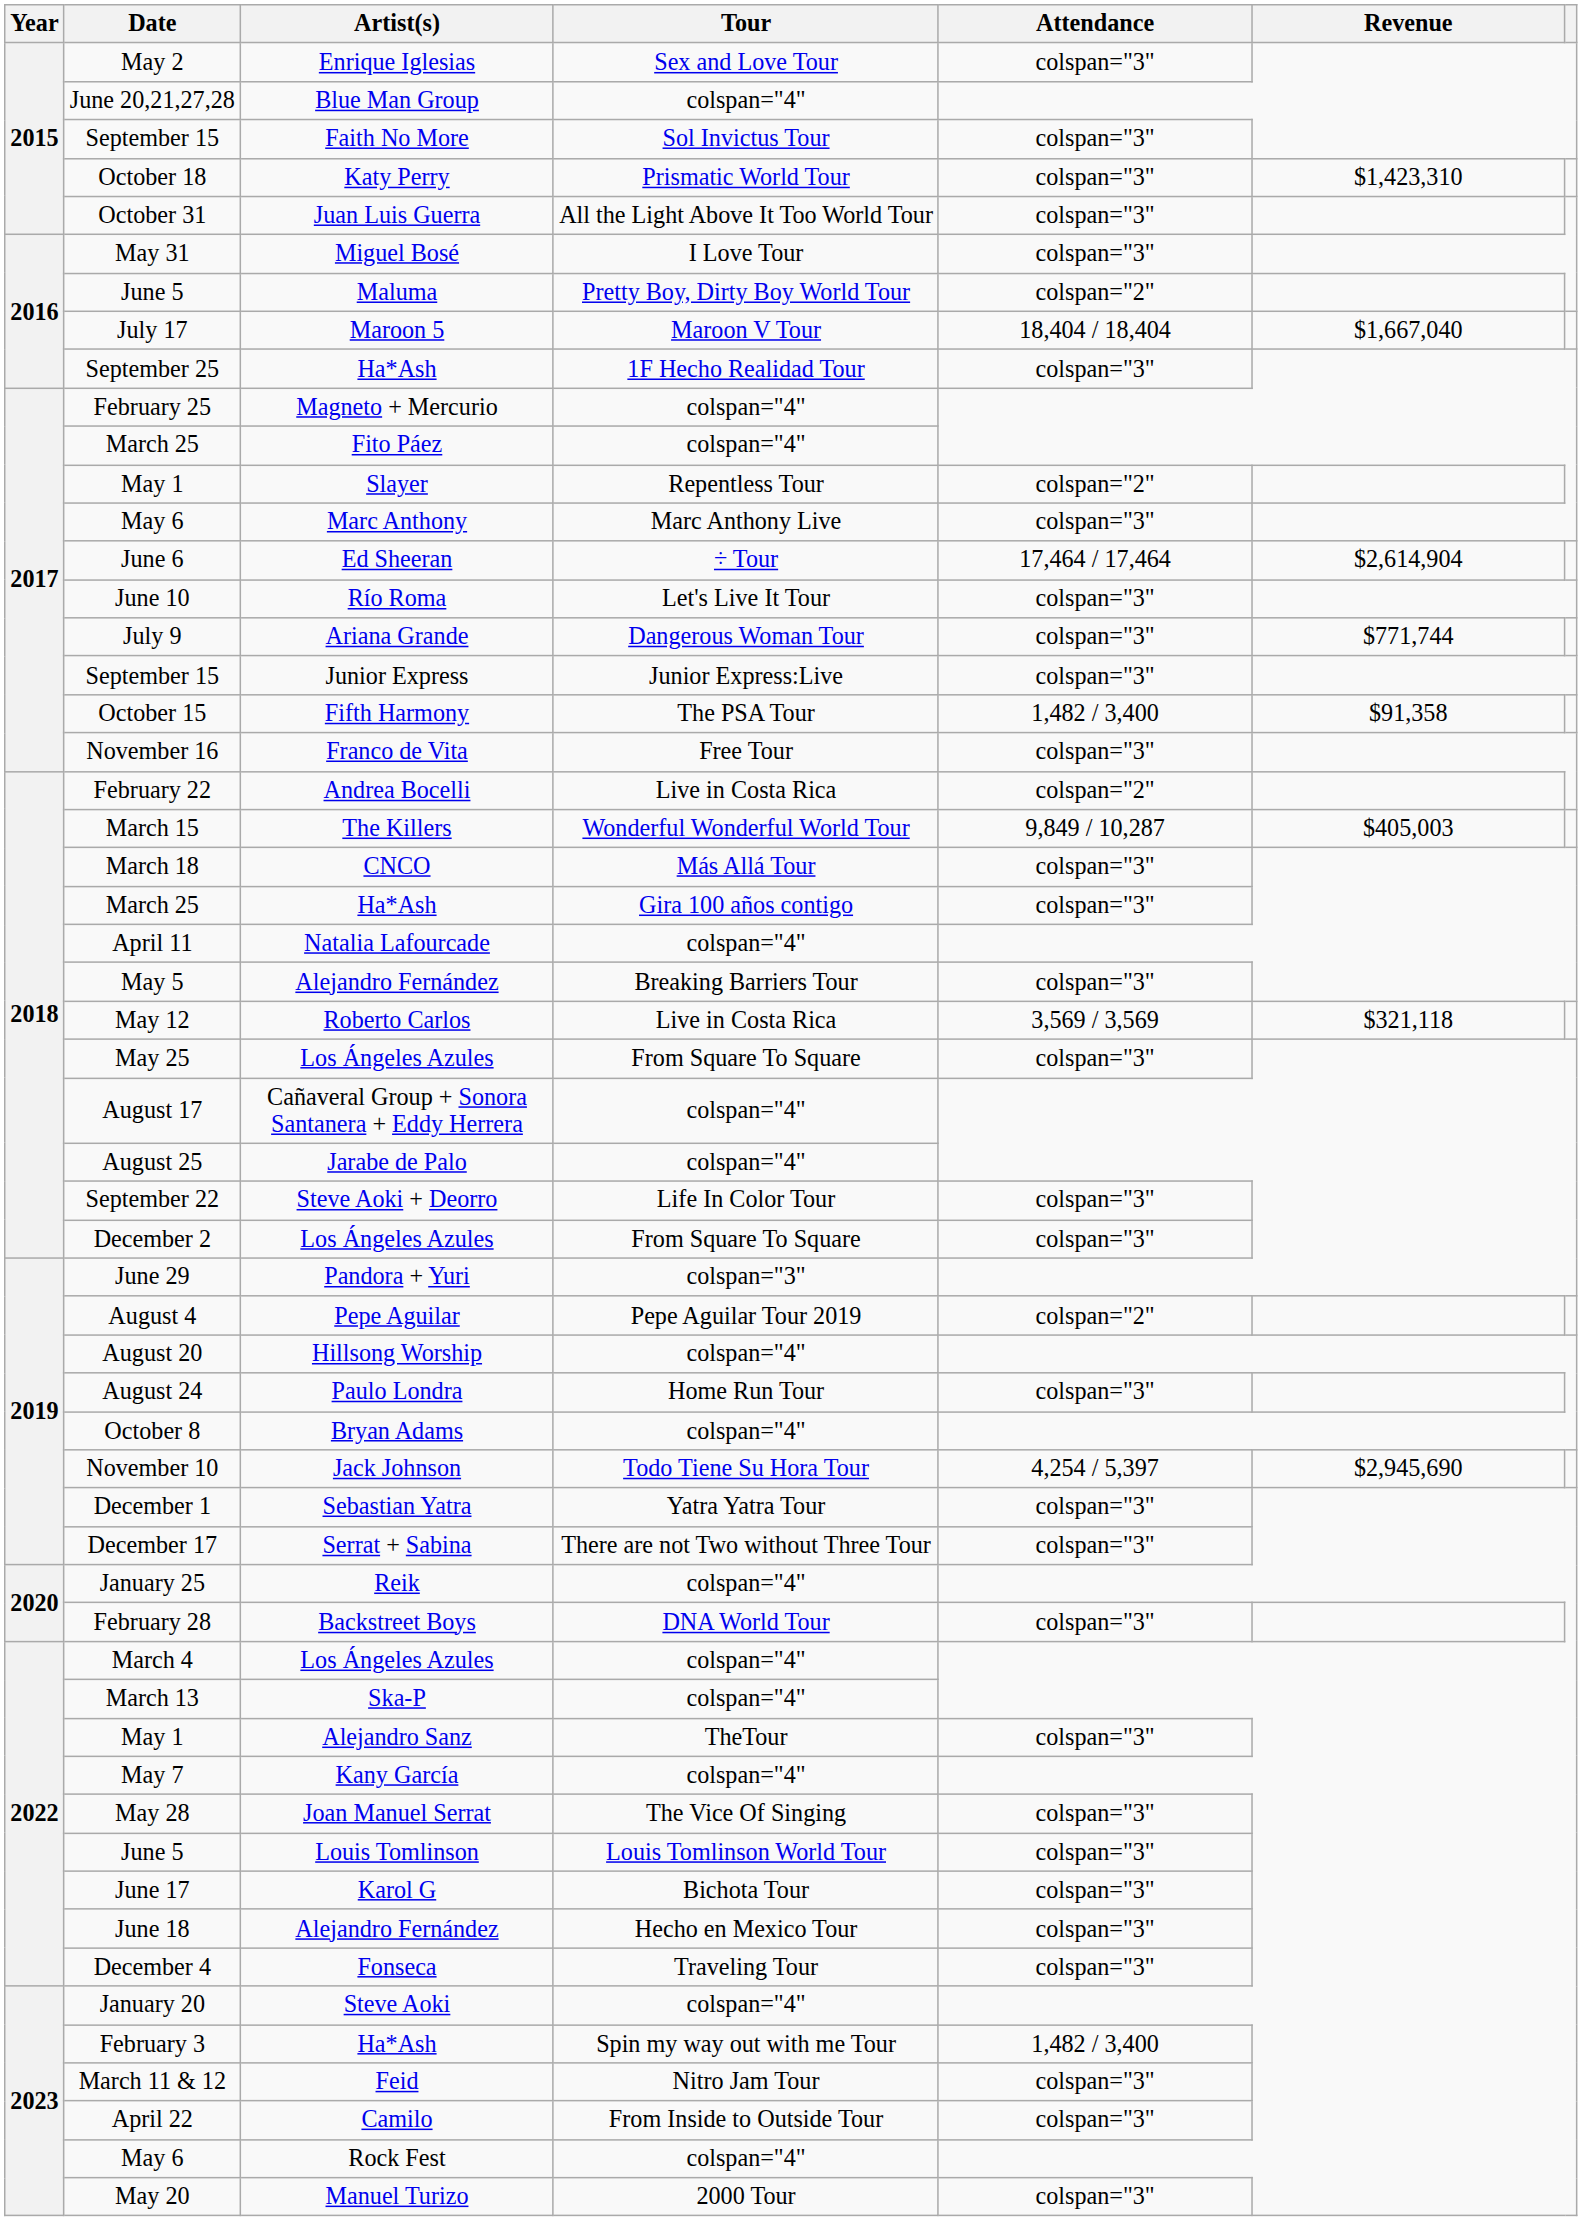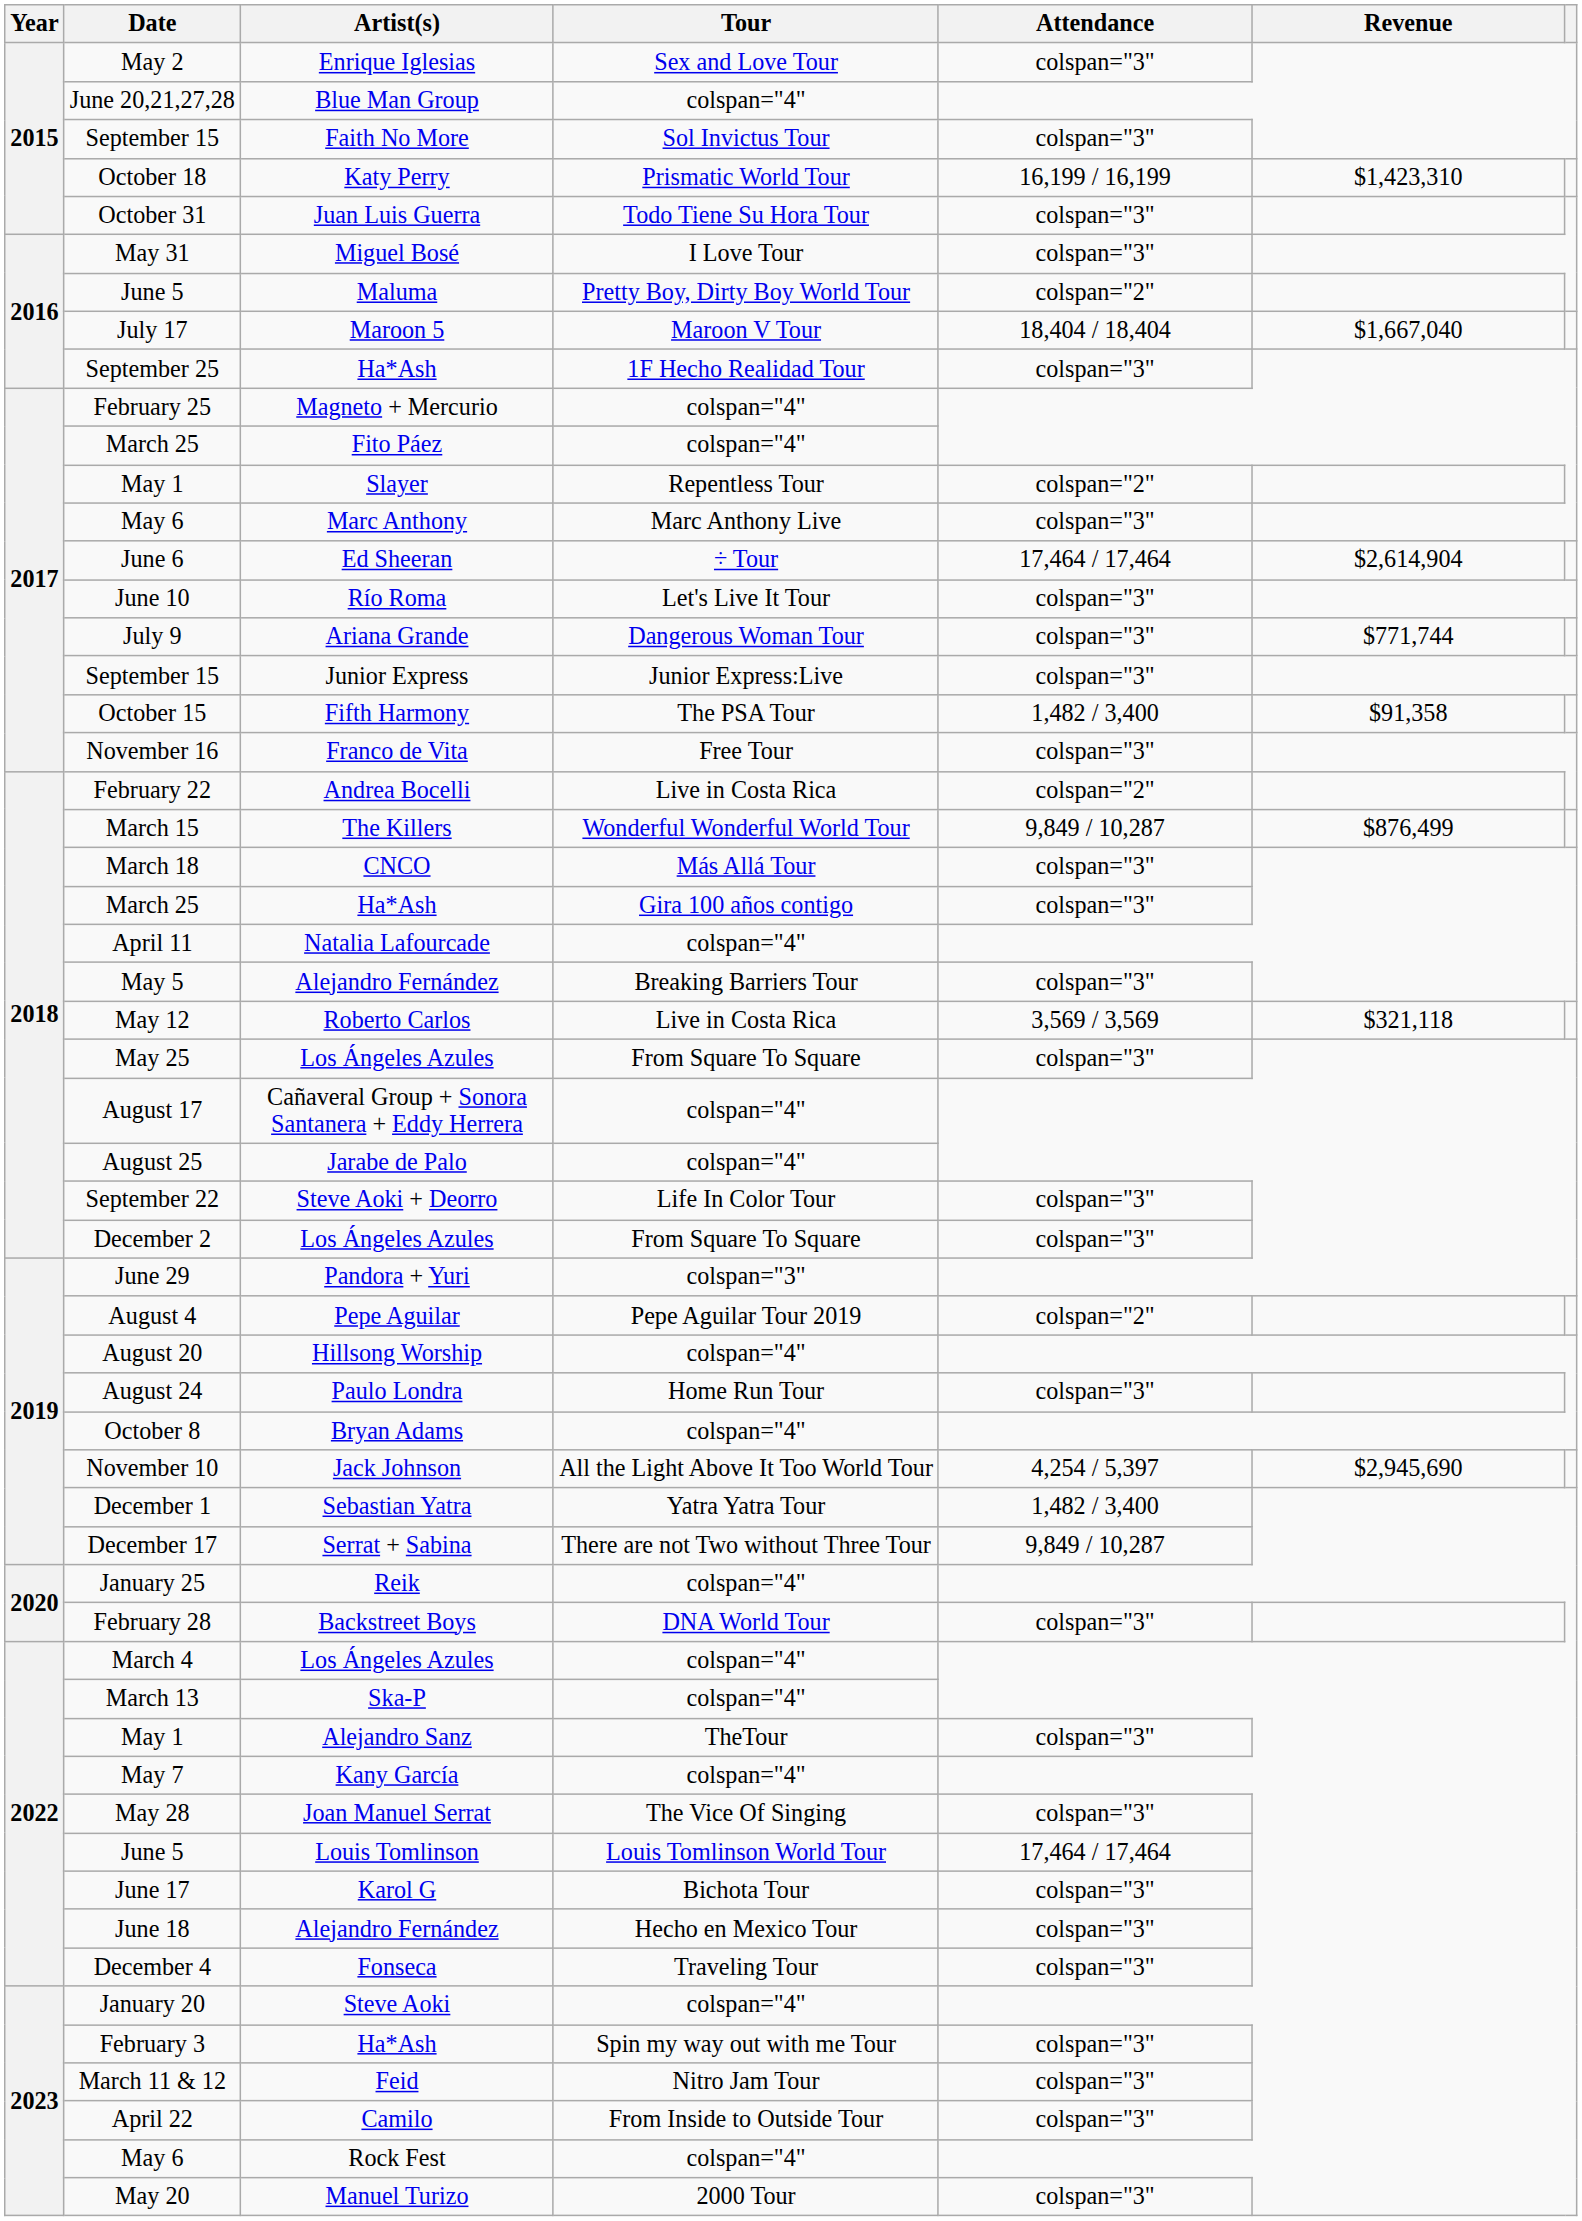 <table class="wikitable" style="text-align:center;">
 <tr>
 <th>Year</th>
 <th>Date</th>
 <th width="200">Artist(s)<br></th>
 <th>Tour</th>
 <th width="200">Attendance</th>
 <th width="200">Revenue</th>
 <th></th>
 </tr>
 <tr>
 <th rowspan="5">2015</th>
 <td>May 2</td>
 <td><a href='#'>Enrique Iglesias</a><br></td>
 <td><a href='#'>Sex and Love Tour</a></td>
 <td>colspan="3" </td>
 </tr>
 <tr>
 <td>June 20,21,27,28</td>
 <td><a href='#'>Blue Man Group</a></td>
 <td>colspan="4" </td>
 </tr>
 <tr>
 <td>September 15</td>
 <td><a href='#'>Faith No More</a></td>
 <td><a href='#'>Sol Invictus Tour</a></td>
 <td>colspan="3" </td>
 </tr>
 <tr>
 <td>October 18</td>
 <td><a href='#'>Katy Perry</a><br></td>
 <td><a href='#'>Prismatic World Tour</a></td>
-<td>colspan="3" </td>
+<td>16,199 / 16,199</td>
 <td>$1,423,310</td>
 <td></td>
 </tr>
 <tr>
 <td>October 31</td>
 <td><a href='#'>Juan Luis Guerra</a></td>
-<td>All the Light Above It Too World Tour</td>
+<td><a href='#'>Todo Tiene Su Hora Tour</a></td>
 <td>colspan="3" </td>
 <td></td>
 </tr>
 <tr>
 <th rowspan="4">2016</th>
 <td>May 31</td>
 <td><a href='#'>Miguel Bosé</a></td>
 <td>I Love Tour</td>
 <td>colspan="3" </td>
 </tr>
 <tr>
 <td>June 5</td>
 <td><a href='#'>Maluma</a></td>
 <td><a href='#'>Pretty Boy, Dirty Boy World Tour</a></td>
 <td>colspan="2" </td>
 <td></td>
 </tr>
 <tr>
 <td>July 17</td>
 <td><a href='#'>Maroon 5</a></td>
 <td><a href='#'>Maroon V Tour</a></td>
 <td>18,404 / 18,404</td>
 <td>$1,667,040</td>
 <td></td>
 </tr>
 <tr>
 <td>September 25</td>
 <td><a href='#'>Ha*Ash</a><br></td>
 <td><a href='#'>1F Hecho Realidad Tour</a></td>
 <td>colspan="3" </td>
 </tr>
 <tr>
 <th rowspan="10">2017</th>
 <td>February 25</td>
 <td><a href='#'>Magneto</a> + Mercurio</td>
 <td>colspan="4" </td>
 </tr>
 <tr>
 <td>March 25</td>
 <td><a href='#'>Fito Páez</a></td>
 <td>colspan="4" </td>
 </tr>
 <tr>
 <td>May 1</td>
 <td><a href='#'>Slayer</a></td>
 <td>Repentless Tour</td>
 <td>colspan="2" </td>
 <td></td>
 </tr>
 <tr>
 <td>May 6</td>
 <td><a href='#'>Marc Anthony</a></td>
 <td>Marc Anthony Live</td>
 <td>colspan="3" </td>
 </tr>
 <tr>
 <td>June 6</td>
 <td><a href='#'>Ed Sheeran</a><br></td>
 <td><a href='#'>÷ Tour</a></td>
 <td>17,464 / 17,464</td>
 <td>$2,614,904</td>
 <td></td>
 </tr>
 <tr>
 <td>June 10</td>
 <td><a href='#'>Río Roma</a></td>
 <td>Let's Live It Tour</td>
 <td>colspan="3" </td>
 </tr>
 <tr>
 <td>July 9</td>
 <td><a href='#'>Ariana Grande</a><br></td>
 <td><a href='#'>Dangerous Woman Tour</a></td>
 <td>colspan="3" </td>
 <td>$771,744</td>
 <td></td>
 </tr>
 <tr>
 <td>September 15</td>
 <td>Junior Express</td>
 <td>Junior Express:Live</td>
 <td>colspan="3" </td>
 </tr>
 <tr>
 <td>October 15</td>
 <td><a href='#'>Fifth Harmony</a></td>
 <td>The PSA Tour</td>
 <td>1,482 / 3,400</td>
 <td>$91,358</td>
 <td></td>
 </tr>
 <tr>
 <td>November 16</td>
 <td><a href='#'>Franco de Vita</a></td>
 <td>Free Tour</td>
 <td>colspan="3" </td>
 </tr>
 <tr>
 <th rowspan="12">2018</th>
 <td>February 22</td>
 <td><a href='#'>Andrea Bocelli</a></td>
 <td>Live in Costa Rica</td>
 <td>colspan="2" </td>
 <td></td>
 </tr>
 <tr>
 <td>March 15</td>
 <td><a href='#'>The Killers</a></td>
 <td><a href='#'>Wonderful Wonderful World Tour</a></td>
 <td>9,849 / 10,287</td>
-<td>$405,003</td>
+<td>$876,499</td>
 <td></td>
 </tr>
 <tr>
 <td>March 18</td>
 <td><a href='#'>CNCO</a></td>
 <td><a href='#'>Más Allá Tour</a></td>
 <td>colspan="3" </td>
 </tr>
 <tr>
 <td>March 25</td>
 <td><a href='#'>Ha*Ash</a></td>
 <td><a href='#'>Gira 100 años contigo</a></td>
 <td>colspan="3" </td>
 </tr>
 <tr>
 <td>April 11</td>
 <td><a href='#'>Natalia Lafourcade</a></td>
 <td>colspan="4" </td>
 </tr>
 <tr>
 <td>May 5</td>
 <td><a href='#'>Alejandro Fernández</a></td>
 <td>Breaking Barriers Tour</td>
 <td>colspan="3" </td>
 </tr>
 <tr>
 <td>May 12</td>
 <td><a href='#'>Roberto Carlos</a></td>
 <td>Live in Costa Rica</td>
 <td>3,569 / 3,569</td>
 <td>$321,118</td>
 <td></td>
 </tr>
 <tr>
 <td>May 25</td>
 <td><a href='#'>Los Ángeles Azules</a></td>
 <td>From Square To Square</td>
 <td>colspan="3" </td>
 </tr>
 <tr>
 <td>August 17</td>
 <td>Cañaveral Group + <a href='#'>Sonora Santanera</a> + <a href='#'>Eddy Herrera</a></td>
 <td>colspan="4" </td>
 </tr>
 <tr>
 <td>August 25</td>
 <td><a href='#'>Jarabe de Palo</a></td>
 <td>colspan="4" </td>
 </tr>
 <tr>
 <td>September 22</td>
 <td><a href='#'>Steve Aoki</a> + <a href='#'>Deorro</a></td>
 <td>Life In Color Tour</td>
 <td>colspan="3" </td>
 </tr>
 <tr>
 <td>December 2</td>
 <td><a href='#'>Los Ángeles Azules</a></td>
 <td>From Square To Square</td>
 <td>colspan="3" </td>
 </tr>
 <tr>
 <th rowspan="8">2019</th>
 <td>June 29</td>
 <td><a href='#'>Pandora</a> + <a href='#'>Yuri</a></td>
 <td>colspan="3" </td>
 </tr>
 <tr>
 <td>August 4</td>
 <td><a href='#'>Pepe Aguilar</a><br></td>
 <td>Pepe Aguilar Tour 2019</td>
 <td>colspan="2" </td>
 <td></td>
 <td></td>
 </tr>
 <tr>
 <td>August 20</td>
 <td><a href='#'>Hillsong Worship</a></td>
 <td>colspan="4" </td>
 </tr>
 <tr>
 <td>August 24</td>
 <td><a href='#'>Paulo Londra</a></td>
 <td>Home Run Tour</td>
 <td>colspan="3" </td>
 <td></td>
 </tr>
 <tr>
 <td>October 8</td>
 <td><a href='#'>Bryan Adams</a></td>
 <td>colspan="4" </td>
 </tr>
 <tr>
 <td>November 10</td>
 <td><a href='#'>Jack Johnson</a></td>
-<td><a href='#'>Todo Tiene Su Hora Tour</a></td>
+<td>All the Light Above It Too World Tour</td>
 <td>4,254 / 5,397</td>
 <td>$2,945,690</td>
 <td></td>
 </tr>
 <tr>
 <td>December 1</td>
 <td><a href='#'>Sebastian Yatra</a></td>
 <td>Yatra Yatra Tour</td>
-<td>colspan="3" </td>
+<td>1,482 / 3,400</td>
 </tr>
 <tr>
 <td>December 17</td>
 <td><a href='#'>Serrat</a> + <a href='#'>Sabina</a></td>
 <td>There are not Two without Three Tour</td>
-<td>colspan="3" </td>
+<td>9,849 / 10,287</td>
 </tr>
 <tr>
 <th rowspan="2">2020</th>
 <td>January 25</td>
 <td><a href='#'>Reik</a></td>
 <td>colspan="4" </td>
 </tr>
 <tr>
 <td>February 28</td>
 <td><a href='#'>Backstreet Boys</a></td>
 <td><a href='#'>DNA World Tour</a></td>
 <td>colspan="3" </td>
 <td></td>
 </tr>
 <tr>
 <th rowspan="9">2022</th>
 <td>March 4</td>
 <td><a href='#'>Los Ángeles Azules</a><br></td>
 <td>colspan="4" </td>
 </tr>
 <tr>
 <td>March 13</td>
 <td><a href='#'>Ska-P</a></td>
 <td>colspan="4" </td>
 </tr>
 <tr>
 <td>May 1</td>
 <td><a href='#'>Alejandro Sanz</a><br></td>
 <td>TheTour</td>
 <td>colspan="3" </td>
 </tr>
 <tr>
 <td>May 7</td>
 <td><a href='#'>Kany García</a></td>
 <td>colspan="4" </td>
 </tr>
 <tr>
 <td>May 28</td>
 <td><a href='#'>Joan Manuel Serrat</a></td>
 <td>The Vice Of Singing</td>
 <td>colspan="3" </td>
 </tr>
 <tr>
 <td>June 5</td>
 <td><a href='#'>Louis Tomlinson</a><br></td>
 <td><a href='#'>Louis Tomlinson World Tour</a></td>
-<td>colspan="3" </td>
+<td>17,464 / 17,464</td>
 </tr>
 <tr>
 <td>June 17</td>
 <td><a href='#'>Karol G</a></td>
 <td>Bichota Tour</td>
 <td>colspan="3" </td>
 </tr>
 <tr>
 <td>June 18</td>
 <td><a href='#'>Alejandro Fernández</a><br></td>
 <td>Hecho en Mexico Tour</td>
 <td>colspan="3" </td>
 </tr>
 <tr>
 <td>December 4</td>
 <td><a href='#'>Fonseca</a><br></td>
 <td>Traveling Tour</td>
 <td>colspan="3" </td>
 </tr>
 <tr>
 <th rowspan="6">2023</th>
 <td>January 20</td>
 <td><a href='#'>Steve Aoki</a></td>
 <td>colspan="4" </td>
 </tr>
 <tr>
 <td>February 3</td>
 <td><a href='#'>Ha*Ash</a></td>
 <td>Spin my way out with me Tour</td>
-<td>1,482 / 3,400</td>
+<td>colspan="3" </td>
 </tr>
 <tr>
 <td>March 11 & 12</td>
 <td><a href='#'>Feid</a></td>
 <td>Nitro Jam Tour</td>
 <td>colspan="3" </td>
 </tr>
 <tr>
 <td>April 22</td>
 <td><a href='#'>Camilo</a></td>
 <td>From Inside to Outside Tour</td>
 <td>colspan="3" </td>
 </tr>
 <tr>
 <td>May 6</td>
 <td>Rock Fest</td>
 <td>colspan="4" </td>
 </tr>
 <tr>
 <td>May 20</td>
 <td><a href='#'>Manuel Turizo</a></td>
 <td>2000 Tour</td>
 <td>colspan="3" </td>
 </tr>
 </table>
